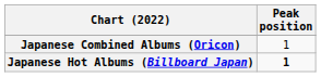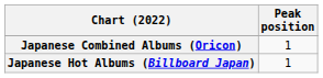 <table class="wikitable sortable plainrowheaders" style="text-align:center">
 <tr>
 <th scope="col">Chart (2022)</th>
 <th scope="col">Peak<br>position</th>
 </tr>
 <tr>
 </tr>
 <tr>
 <th scope="row">Japanese Combined Albums (<a href='#'>Oricon</a>)</th>
 <td>1</td>
 </tr>
 <tr>
 <th scope="row">Japanese Hot Albums (<em><a href='#'>Billboard Japan</a></em>)</th>
-<td><strong>1</strong></td>
+<td>1</td>
 </tr>
 </table>
